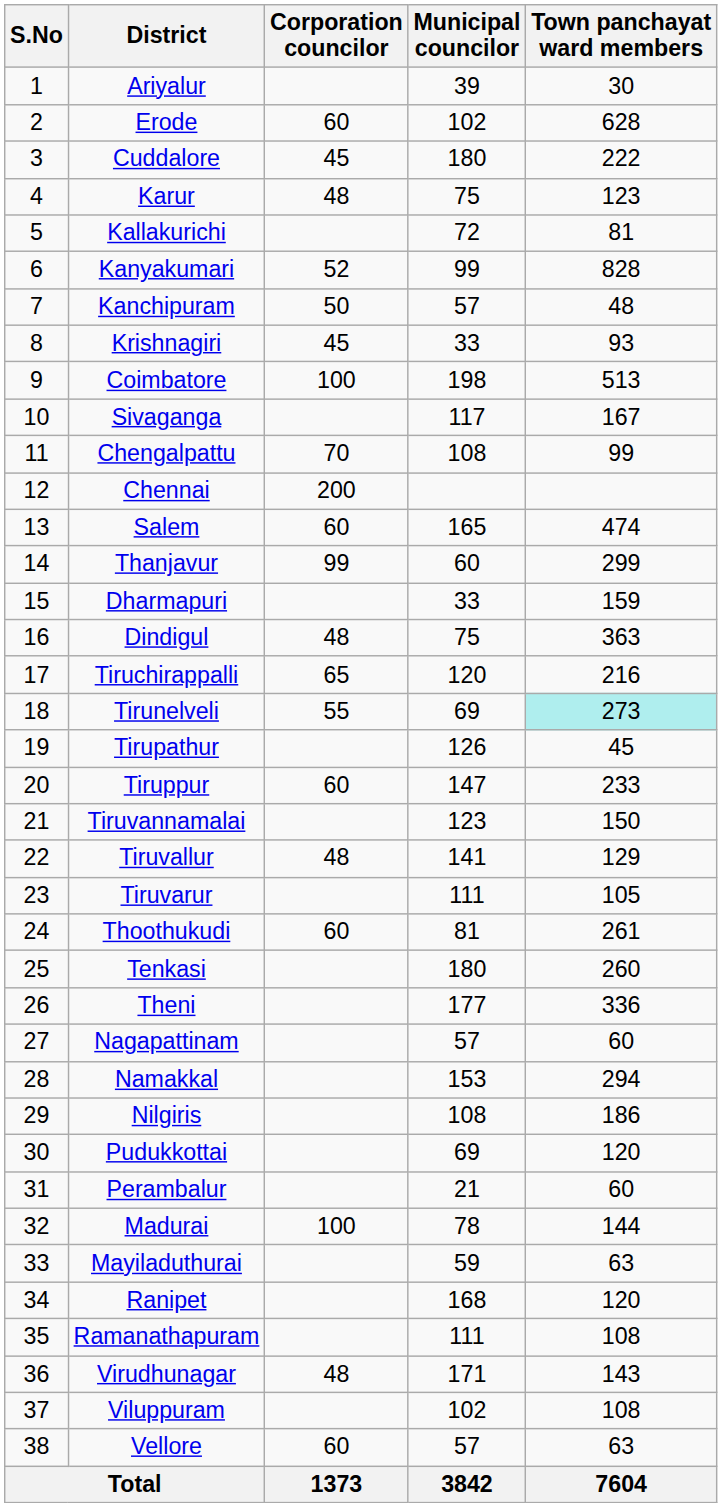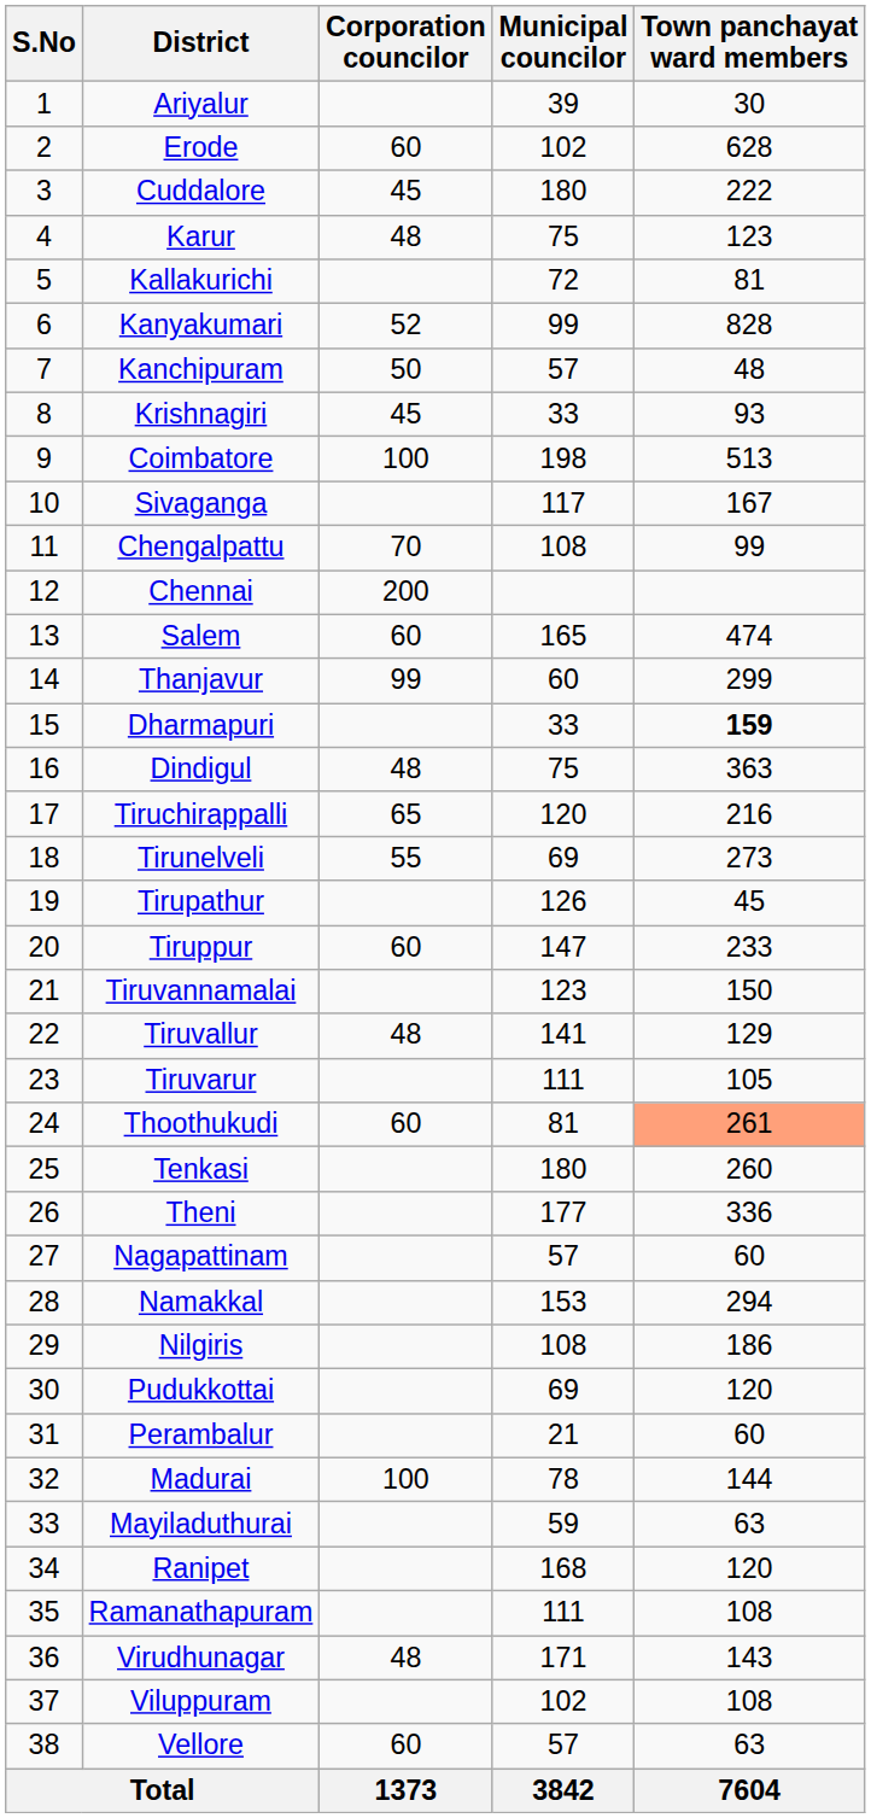 <table class="wikitable sortable" style="text-align:center;">
 <tr>
 <th>S.No</th>
 <th>District</th>
 <th>Corporation <br>councilor</th>
 <th>Municipal<br> councilor</th>
 <th>Town panchayat <br> ward members</th>
 </tr>
 <tr>
 <td>1</td>
 <td><a href='#'>Ariyalur</a></td>
 <td></td>
 <td>39</td>
 <td>30</td>
 </tr>
 <tr>
 <td>2</td>
 <td><a href='#'>Erode</a></td>
 <td>60</td>
 <td>102</td>
 <td>628</td>
 </tr>
 <tr>
 <td>3</td>
 <td><a href='#'>Cuddalore</a></td>
 <td>45</td>
 <td>180</td>
 <td>222</td>
 </tr>
 <tr>
 <td>4</td>
 <td><a href='#'>Karur</a></td>
 <td>48</td>
 <td>75</td>
 <td>123</td>
 </tr>
 <tr>
 <td>5</td>
 <td><a href='#'>Kallakurichi</a></td>
 <td></td>
 <td>72</td>
 <td>81</td>
 </tr>
 <tr>
 <td>6</td>
 <td><a href='#'>Kanyakumari</a></td>
 <td>52</td>
 <td>99</td>
 <td>828</td>
 </tr>
 <tr>
 <td>7</td>
 <td><a href='#'>Kanchipuram</a></td>
 <td>50</td>
 <td>57</td>
 <td>48</td>
 </tr>
 <tr>
 <td>8</td>
 <td><a href='#'>Krishnagiri</a></td>
 <td>45</td>
 <td>33</td>
 <td>93</td>
 </tr>
 <tr>
 <td>9</td>
 <td><a href='#'>Coimbatore</a></td>
 <td>100</td>
 <td>198</td>
 <td>513</td>
 </tr>
 <tr>
 <td>10</td>
 <td><a href='#'>Sivaganga</a></td>
 <td></td>
 <td>117</td>
 <td>167</td>
 </tr>
 <tr>
 <td>11</td>
 <td><a href='#'>Chengalpattu</a></td>
 <td>70</td>
 <td>108</td>
 <td>99</td>
 </tr>
 <tr>
 <td>12</td>
 <td><a href='#'>Chennai</a></td>
 <td>200</td>
 <td></td>
 <td></td>
 </tr>
 <tr>
 <td>13</td>
 <td><a href='#'>Salem</a></td>
 <td>60</td>
 <td>165</td>
 <td>474</td>
 </tr>
 <tr>
 <td>14</td>
 <td><a href='#'>Thanjavur</a></td>
 <td>99</td>
 <td>60</td>
 <td>299</td>
 </tr>
 <tr>
 <td>15</td>
 <td><a href='#'>Dharmapuri</a></td>
 <td></td>
 <td>33</td>
-<td>159</td>
+<td><strong>159</strong></td>
 </tr>
 <tr>
 <td>16</td>
 <td><a href='#'>Dindigul</a></td>
 <td>48</td>
 <td>75</td>
 <td>363</td>
 </tr>
 <tr>
 <td>17</td>
 <td><a href='#'>Tiruchirappalli</a></td>
 <td>65</td>
 <td>120</td>
 <td>216</td>
 </tr>
 <tr>
 <td>18</td>
 <td><a href='#'>Tirunelveli</a></td>
 <td>55</td>
 <td>69</td>
-<td style="background: paleturquoise;">273</td>
+<td>273</td>
 </tr>
 <tr>
 <td>19</td>
 <td><a href='#'>Tirupathur</a></td>
 <td></td>
 <td>126</td>
 <td>45</td>
 </tr>
 <tr>
 <td>20</td>
 <td><a href='#'>Tiruppur</a></td>
 <td>60</td>
 <td>147</td>
 <td>233</td>
 </tr>
 <tr>
 <td>21</td>
 <td><a href='#'>Tiruvannamalai</a></td>
 <td></td>
 <td>123</td>
 <td>150</td>
 </tr>
 <tr>
 <td>22</td>
 <td><a href='#'>Tiruvallur</a></td>
 <td>48</td>
 <td>141</td>
 <td>129</td>
 </tr>
 <tr>
 <td>23</td>
 <td><a href='#'>Tiruvarur</a></td>
 <td></td>
 <td>111</td>
 <td>105</td>
 </tr>
 <tr>
 <td>24</td>
 <td><a href='#'>Thoothukudi</a></td>
 <td>60</td>
 <td>81</td>
-<td>261</td>
+<td style="background: lightsalmon;">261</td>
 </tr>
 <tr>
 <td>25</td>
 <td><a href='#'>Tenkasi</a></td>
 <td></td>
 <td>180</td>
 <td>260</td>
 </tr>
 <tr>
 <td>26</td>
 <td><a href='#'>Theni</a></td>
 <td></td>
 <td>177</td>
 <td>336</td>
 </tr>
 <tr>
 <td>27</td>
 <td><a href='#'>Nagapattinam</a></td>
 <td></td>
 <td>57</td>
 <td>60</td>
 </tr>
 <tr>
 <td>28</td>
 <td><a href='#'>Namakkal</a></td>
 <td></td>
 <td>153</td>
 <td>294</td>
 </tr>
 <tr>
 <td>29</td>
 <td><a href='#'>Nilgiris</a></td>
 <td></td>
 <td>108</td>
 <td>186</td>
 </tr>
 <tr>
 <td>30</td>
 <td><a href='#'>Pudukkottai</a></td>
 <td></td>
 <td>69</td>
 <td>120</td>
 </tr>
 <tr>
 <td>31</td>
 <td><a href='#'>Perambalur</a></td>
 <td></td>
 <td>21</td>
 <td>60</td>
 </tr>
 <tr>
 <td>32</td>
 <td><a href='#'>Madurai</a></td>
 <td>100</td>
 <td>78</td>
 <td>144</td>
 </tr>
 <tr>
 <td>33</td>
 <td><a href='#'>Mayiladuthurai</a></td>
 <td></td>
 <td>59</td>
 <td>63</td>
 </tr>
 <tr>
 <td>34</td>
 <td><a href='#'>Ranipet</a></td>
 <td></td>
 <td>168</td>
 <td>120</td>
 </tr>
 <tr>
 <td>35</td>
 <td><a href='#'>Ramanathapuram</a></td>
 <td></td>
 <td>111</td>
 <td>108</td>
 </tr>
 <tr>
 <td>36</td>
 <td><a href='#'>Virudhunagar</a></td>
 <td>48</td>
 <td>171</td>
 <td>143</td>
 </tr>
 <tr>
 <td>37</td>
 <td><a href='#'>Viluppuram</a></td>
 <td></td>
 <td>102</td>
 <td>108</td>
 </tr>
 <tr>
 <td>38</td>
 <td><a href='#'>Vellore</a></td>
 <td>60</td>
 <td>57</td>
 <td>63</td>
 </tr>
 <tr>
 <th colspan="2">Total</th>
 <th>1373</th>
 <th>3842</th>
 <th>7604</th>
 </tr>
 </table>
